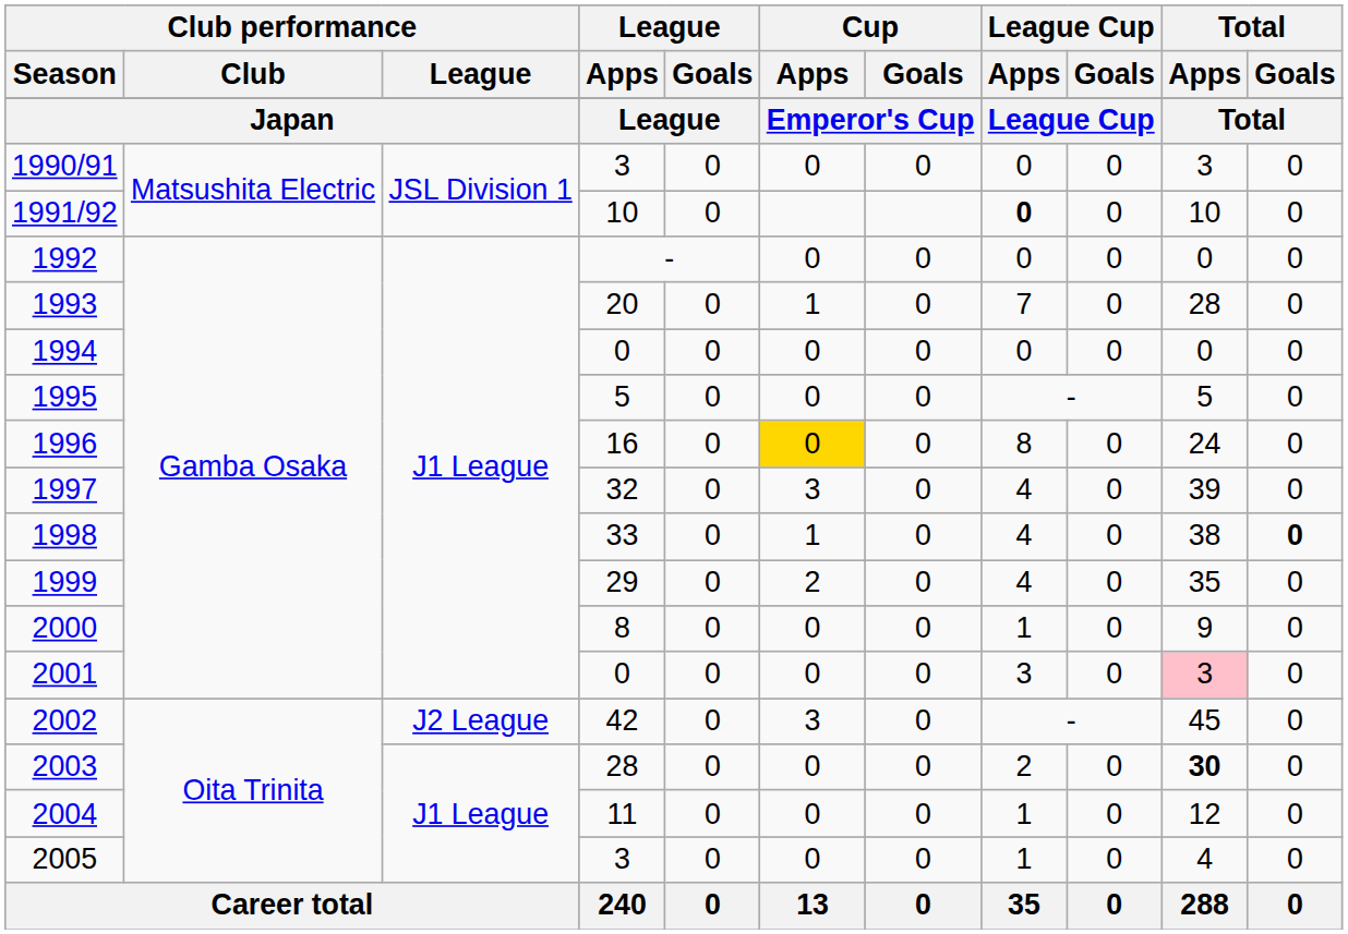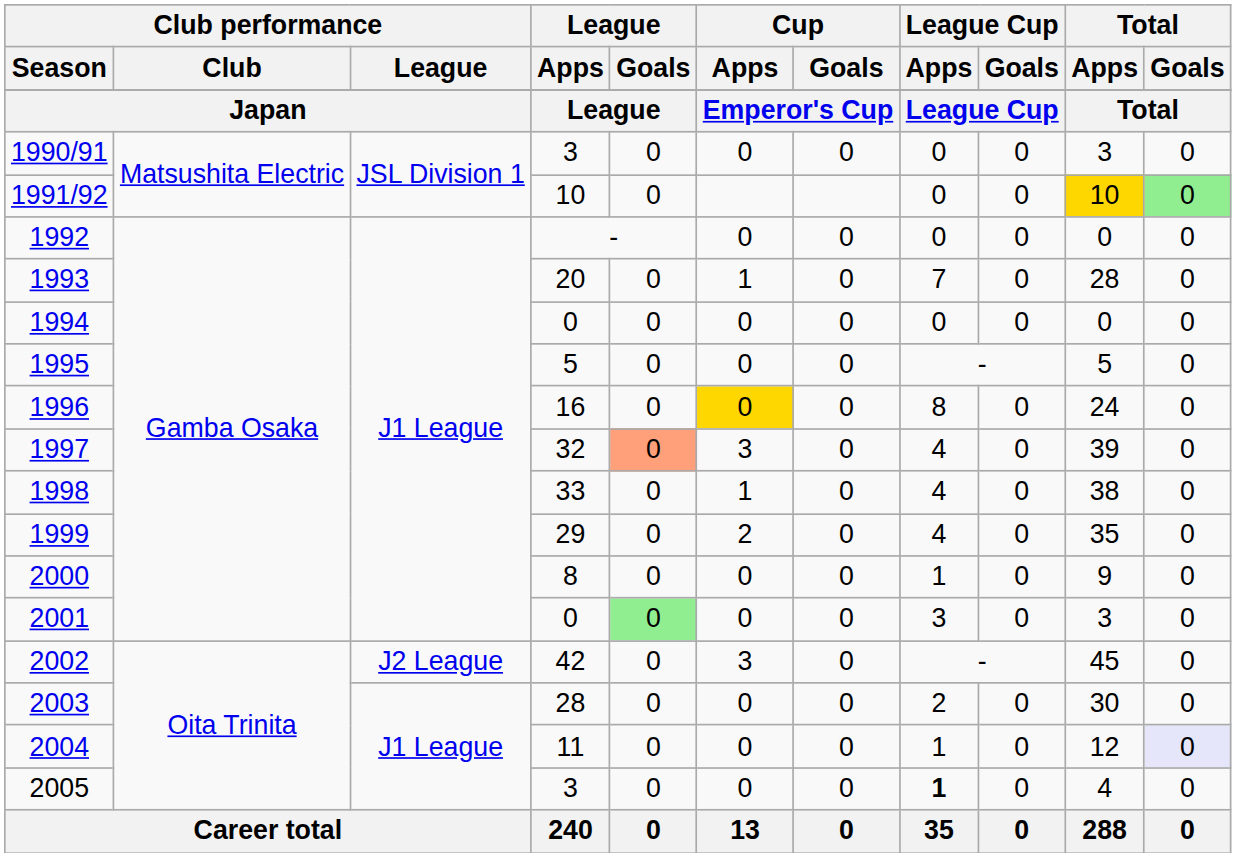 <table class="wikitable" style="text-align:center">
 <tr>
 <th colspan=3>Club performance</th>
 <th colspan=2>League</th>
 <th colspan=2>Cup</th>
 <th colspan=2>League Cup</th>
 <th colspan=2>Total</th>
 </tr>
 <tr>
 <th>Season</th>
 <th>Club</th>
 <th>League</th>
 <th>Apps</th>
 <th>Goals</th>
 <th>Apps</th>
 <th>Goals</th>
 <th>Apps</th>
 <th>Goals</th>
 <th>Apps</th>
 <th>Goals</th>
 </tr>
 <tr>
 </tr>
 <tr>
 <th colspan=3>Japan</th>
 <th colspan=2>League</th>
 <th colspan=2><a href='#'>Emperor's Cup</a></th>
 <th colspan=2><a href='#'>League Cup</a></th>
 <th colspan=2>Total</th>
 </tr>
 <tr>
 <td><a href='#'>1990/91</a></td>
 <td rowspan="2"><a href='#'>Matsushita Electric</a></td>
 <td rowspan="2"><a href='#'>JSL Division 1</a></td>
 <td>3</td>
 <td>0</td>
 <td>0</td>
 <td>0</td>
 <td>0</td>
 <td>0</td>
 <td>3</td>
 <td>0</td>
 </tr>
 <tr>
 <td><a href='#'>1991/92</a></td>
 <td>10</td>
 <td>0</td>
 <td></td>
 <td></td>
-<td><strong>0</strong></td>
 <td>0</td>
-<td>10</td>
 <td>0</td>
+<td style="background: gold;">10</td>
+<td style="background: lightgreen;">0</td>
 </tr>
 <tr>
 <td><a href='#'>1992</a></td>
 <td rowspan="10"><a href='#'>Gamba Osaka</a></td>
 <td rowspan="10"><a href='#'>J1 League</a></td>
 <td colspan="2">-</td>
 <td>0</td>
 <td>0</td>
 <td>0</td>
 <td>0</td>
 <td>0</td>
 <td>0</td>
 </tr>
 <tr>
 <td><a href='#'>1993</a></td>
 <td>20</td>
 <td>0</td>
 <td>1</td>
 <td>0</td>
 <td>7</td>
 <td>0</td>
 <td>28</td>
 <td>0</td>
 </tr>
 <tr>
 <td><a href='#'>1994</a></td>
 <td>0</td>
 <td>0</td>
 <td>0</td>
 <td>0</td>
 <td>0</td>
 <td>0</td>
 <td>0</td>
 <td>0</td>
 </tr>
 <tr>
 <td><a href='#'>1995</a></td>
 <td>5</td>
 <td>0</td>
 <td>0</td>
 <td>0</td>
 <td colspan="2">-</td>
 <td>5</td>
 <td>0</td>
 </tr>
 <tr>
 <td><a href='#'>1996</a></td>
 <td>16</td>
 <td>0</td>
 <td style="background: gold;">0</td>
 <td>0</td>
 <td>8</td>
 <td>0</td>
 <td>24</td>
 <td>0</td>
 </tr>
 <tr>
 <td><a href='#'>1997</a></td>
 <td>32</td>
-<td>0</td>
+<td style="background: lightsalmon;">0</td>
 <td>3</td>
 <td>0</td>
 <td>4</td>
 <td>0</td>
 <td>39</td>
 <td>0</td>
 </tr>
 <tr>
 <td><a href='#'>1998</a></td>
 <td>33</td>
 <td>0</td>
 <td>1</td>
 <td>0</td>
 <td>4</td>
 <td>0</td>
 <td>38</td>
-<td><strong>0</strong></td>
+<td>0</td>
 </tr>
 <tr>
 <td><a href='#'>1999</a></td>
 <td>29</td>
 <td>0</td>
 <td>2</td>
 <td>0</td>
 <td>4</td>
 <td>0</td>
 <td>35</td>
 <td>0</td>
 </tr>
 <tr>
 <td><a href='#'>2000</a></td>
 <td>8</td>
 <td>0</td>
 <td>0</td>
 <td>0</td>
 <td>1</td>
 <td>0</td>
 <td>9</td>
 <td>0</td>
 </tr>
 <tr>
 <td><a href='#'>2001</a></td>
 <td>0</td>
-<td>0</td>
+<td style="background: lightgreen;">0</td>
 <td>0</td>
 <td>0</td>
 <td>3</td>
 <td>0</td>
-<td style="background: pink;">3</td>
+<td>3</td>
 <td>0</td>
 </tr>
 <tr>
 <td><a href='#'>2002</a></td>
 <td rowspan="4"><a href='#'>Oita Trinita</a></td>
 <td><a href='#'>J2 League</a></td>
 <td>42</td>
 <td>0</td>
 <td>3</td>
 <td>0</td>
 <td colspan="2">-</td>
 <td>45</td>
 <td>0</td>
 </tr>
 <tr>
 <td><a href='#'>2003</a></td>
 <td rowspan="3"><a href='#'>J1 League</a></td>
 <td>28</td>
 <td>0</td>
 <td>0</td>
 <td>0</td>
 <td>2</td>
 <td>0</td>
-<td><strong>30</strong></td>
+<td>30</td>
 <td>0</td>
 </tr>
 <tr>
 <td><a href='#'>2004</a></td>
 <td>11</td>
 <td>0</td>
 <td>0</td>
 <td>0</td>
 <td>1</td>
 <td>0</td>
 <td>12</td>
-<td>0</td>
+<td style="background: lavender;">0</td>
 </tr>
 <tr>
 <td>2005</td>
 <td>3</td>
 <td>0</td>
 <td>0</td>
 <td>0</td>
-<td>1</td>
+<td><strong>1</strong></td>
 <td>0</td>
 <td>4</td>
 <td>0</td>
 </tr>
 <tr>
 <th colspan=3>Career total</th>
 <th>240</th>
 <th>0</th>
 <th>13</th>
 <th>0</th>
 <th>35</th>
 <th>0</th>
 <th>288</th>
 <th>0</th>
 </tr>
 </table>
